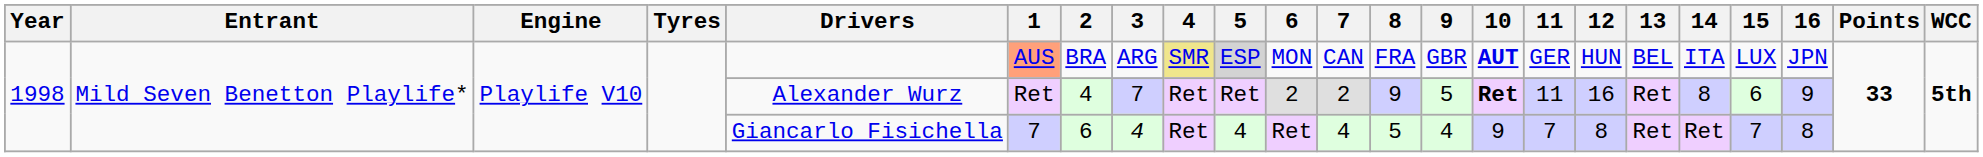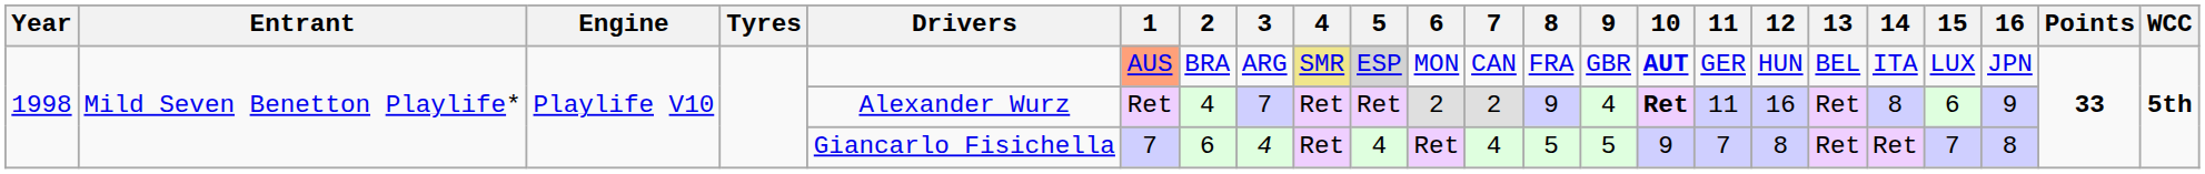 <table class="wikitable" style="text-align:center; font-size:95%">
 <tr>
 <th>Year</th>
 <th>Entrant</th>
 <th>Engine</th>
 <th>Tyres</th>
 <th>Drivers</th>
 <th>1</th>
 <th>2</th>
 <th>3</th>
 <th>4</th>
 <th>5</th>
 <th>6</th>
 <th>7</th>
 <th>8</th>
 <th>9</th>
 <th>10</th>
 <th>11</th>
 <th>12</th>
 <th>13</th>
 <th>14</th>
 <th>15</th>
 <th>16</th>
 <th>Points</th>
 <th>WCC</th>
 </tr>
 <tr>
 <td rowspan="3"><a href='#'>1998</a></td>
 <td rowspan="3"><a href='#'>Mild Seven</a> <a href='#'>Benetton</a> <a href='#'>Playlife</a>*</td>
 <td rowspan="3"><a href='#'>Playlife</a> <a href='#'>V10</a></td>
 <td rowspan="3"></td>
 <td></td>
 <td style="background: lightsalmon;"><a href='#'>AUS</a></td>
 <td><a href='#'>BRA</a></td>
 <td><a href='#'>ARG</a></td>
 <td style="background: khaki;"><a href='#'>SMR</a></td>
 <td style="background: lightgrey;"><a href='#'>ESP</a></td>
 <td><a href='#'>MON</a></td>
 <td><a href='#'>CAN</a></td>
 <td><a href='#'>FRA</a></td>
 <td><a href='#'>GBR</a></td>
 <td><strong><a href='#'>AUT</a></strong></td>
 <td><a href='#'>GER</a></td>
 <td><a href='#'>HUN</a></td>
 <td><a href='#'>BEL</a></td>
 <td><a href='#'>ITA</a></td>
 <td><a href='#'>LUX</a></td>
 <td><a href='#'>JPN</a></td>
 <td rowspan="3"><strong>33</strong></td>
 <td rowspan="3"><strong>5th</strong></td>
 </tr>
 <tr>
 <td><a href='#'>Alexander Wurz</a></td>
 <td style="background:#EFCFFF;">Ret</td>
 <td style="background:#DFFFDF;">4</td>
 <td style="background:#CFCFFF;">7</td>
 <td style="background:#EFCFFF;">Ret</td>
 <td style="background:#EFCFFF;">Ret</td>
 <td style="background:#DFDFDF;">2</td>
 <td style="background:#DFDFDF;">2</td>
 <td style="background:#CFCFFF;">9</td>
-<td style="background:#DFFFDF;">5</td>
+<td style="background:#DFFFDF;">4</td>
 <td style="background:#EFCFFF;"><strong>Ret</strong></td>
 <td style="background:#CFCFFF;">11</td>
 <td style="background:#CFCFFF;">16</td>
 <td style="background:#EFCFFF;">Ret</td>
 <td style="background:#CFCFFF;">8</td>
 <td style="background:#DFFFDF;">6</td>
 <td style="background:#CFCFFF;">9</td>
 </tr>
 <tr>
 <td><a href='#'>Giancarlo Fisichella</a></td>
 <td style="background:#CFCFFF;">7</td>
 <td style="background:#DFFFDF;">6</td>
 <td style="background:#DFFFDF;"><em>4</em></td>
 <td style="background:#EFCFFF;">Ret</td>
 <td style="background:#DFFFDF;">4</td>
 <td style="background:#EFCFFF;">Ret</td>
 <td style="background:#DFFFDF;">4</td>
 <td style="background:#DFFFDF;">5</td>
-<td style="background:#DFFFDF;">4</td>
+<td style="background:#DFFFDF;">5</td>
 <td style="background:#CFCFFF;">9</td>
 <td style="background:#CFCFFF;">7</td>
 <td style="background:#CFCFFF;">8</td>
 <td style="background:#EFCFFF;">Ret</td>
 <td style="background:#EFCFFF;">Ret</td>
 <td style="background:#CFCFFF;">7</td>
 <td style="background:#CFCFFF;">8</td>
 </tr>
 </table>
